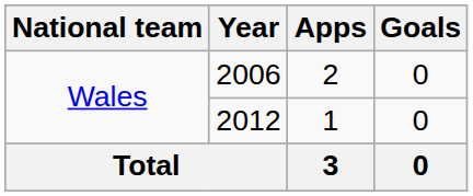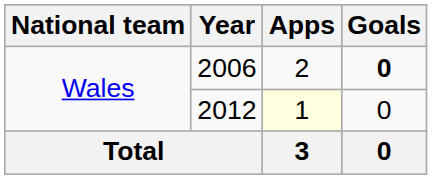 <table class="wikitable" style="text-align:center">
 <tr>
 <th>National team</th>
 <th>Year</th>
 <th>Apps</th>
 <th>Goals</th>
 </tr>
 <tr>
 <td rowspan="2"><a href='#'>Wales</a></td>
 <td>2006</td>
 <td>2</td>
-<td>0</td>
+<td><strong>0</strong></td>
 </tr>
 <tr>
 <td>2012</td>
-<td>1</td>
+<td style="background: lightyellow;">1</td>
 <td>0</td>
 </tr>
 <tr>
 <th colspan="2">Total</th>
 <th>3</th>
 <th>0</th>
 </tr>
 </table>
